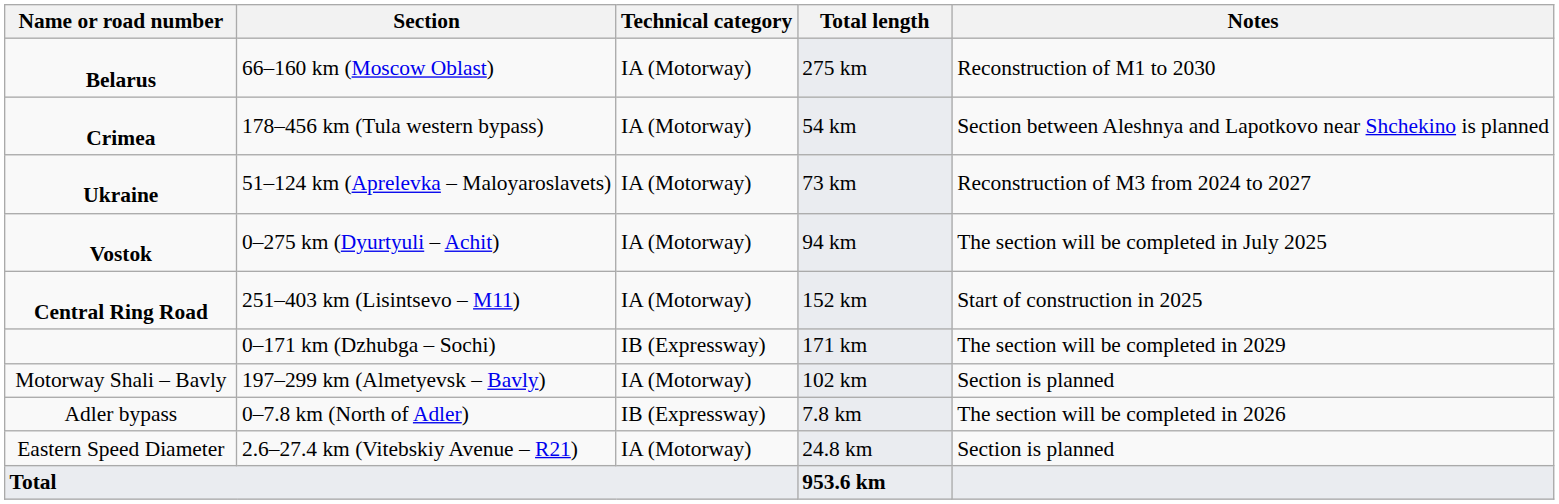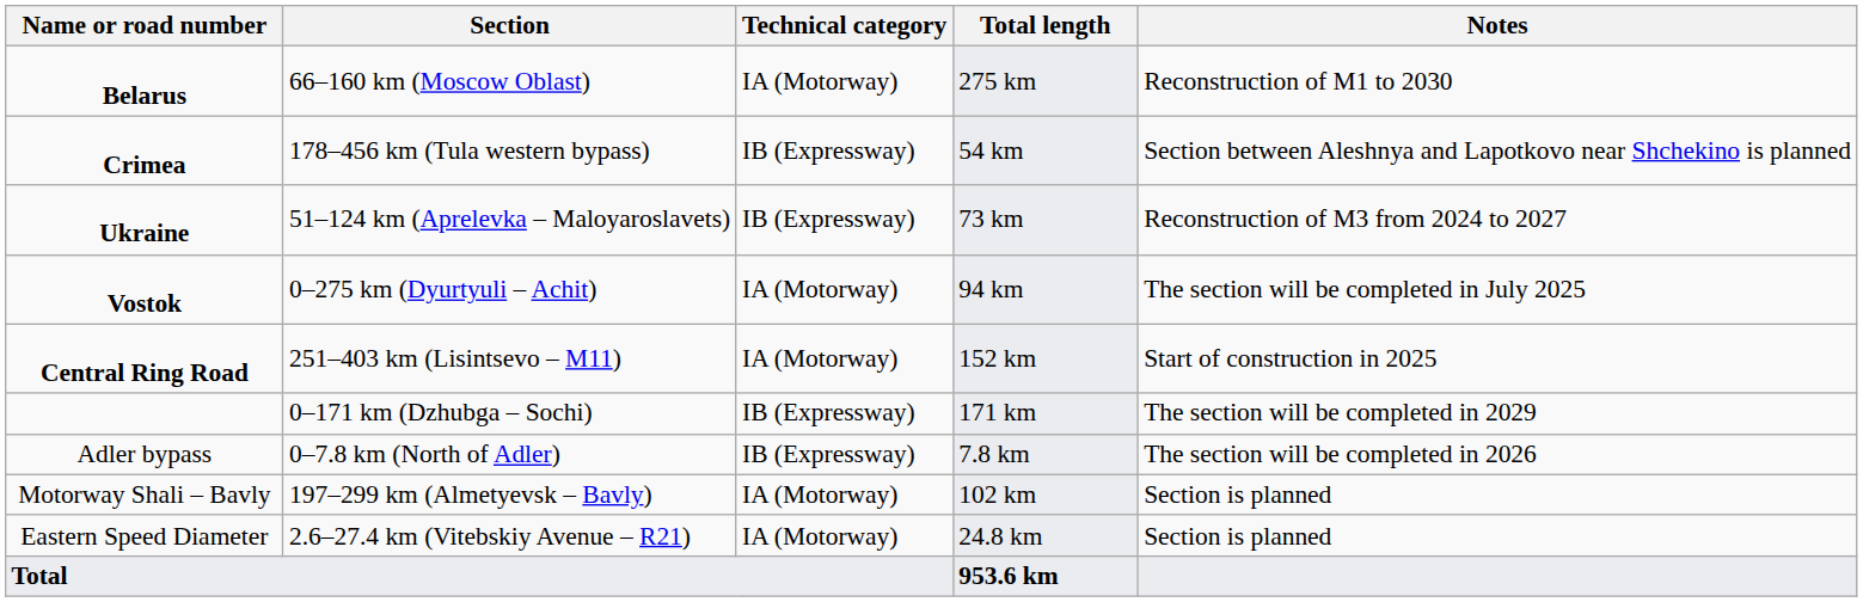 <table class="wikitable">
 <tr>
 <th style="width:15%">Name or road number</th>
 <th>Section</th>
 <th>Technical category</th>
 <th style="width:10%">Total length</th>
 <th>Notes</th>
 </tr>
 <tr>
 <td style="text-align:center"><br><strong>Belarus</strong></td>
 <td>66–160 km (<a href='#'>Moscow Oblast</a>)</td>
 <td>IA (Motorway)</td>
 <td style="background: #eaecf0">275 km</td>
 <td>Reconstruction of M1 to 2030</td>
 </tr>
 <tr>
 <td style="text-align:center"><br><strong>Crimea</strong></td>
 <td>178–456 km (Tula western bypass)</td>
-<td>IA (Motorway)</td>
+<td>IB (Expressway)</td>
 <td style="background: #eaecf0">54 km</td>
 <td>Section between Aleshnya and Lapotkovo near <a href='#'>Shchekino</a> is planned</td>
 </tr>
 <tr>
 <td style="text-align:center"><br><strong>Ukraine</strong></td>
 <td>51–124 km (<a href='#'>Aprelevka</a> – Maloyaroslavets)</td>
-<td>IA (Motorway)</td>
+<td>IB (Expressway)</td>
 <td style="background: #eaecf0">73 km</td>
 <td>Reconstruction of M3 from 2024 to 2027</td>
 </tr>
 <tr>
 <td style="text-align:center"><br><strong>Vostok</strong></td>
 <td>0–275 km (<a href='#'>Dyurtyuli</a> – <a href='#'>Achit</a>)</td>
 <td>IA (Motorway)</td>
 <td style="background: #eaecf0">94 km</td>
 <td>The section will be completed in July 2025</td>
 </tr>
 <tr>
 <td style="text-align:center"><br><strong>Central Ring Road</strong></td>
 <td>251–403 km (Lisintsevo – <a href='#'>M11</a>)</td>
 <td>IA (Motorway)</td>
 <td style="background: #eaecf0">152 km</td>
 <td>Start of construction in 2025</td>
 </tr>
 <tr>
 <td style="text-align:center"></td>
 <td>0–171 km (Dzhubga – Sochi)</td>
 <td>IB (Expressway)</td>
 <td style="background: #eaecf0">171 km</td>
 <td>The section will be completed in 2029</td>
 </tr>
 <tr>
+<td style="text-align:center">Adler bypass</td>
+<td>0–7.8 km (North of <a href='#'>Adler</a>)</td>
+<td>IB (Expressway)</td>
+<td style="background: #eaecf0">7.8 km</td>
+<td>The section will be completed in 2026</td>
+</tr>
+<tr>
 <td style="text-align:center">Motorway Shali – Bavly</td>
 <td>197–299 km (Almetyevsk – <a href='#'>Bavly</a>)</td>
 <td>IA (Motorway)</td>
 <td style="background: #eaecf0">102 km</td>
 <td>Section is planned</td>
-</tr>
-<tr>
-<td style="text-align:center">Adler bypass</td>
-<td>0–7.8 km (North of <a href='#'>Adler</a>)</td>
-<td>IB (Expressway)</td>
-<td style="background: #eaecf0">7.8 km</td>
-<td>The section will be completed in 2026</td>
 </tr>
 <tr>
 <td style="text-align:center">Eastern Speed Diameter</td>
 <td>2.6–27.4 km (Vitebskiy Avenue – <a href='#'>R21</a>)</td>
 <td>IA (Motorway)</td>
 <td style="background: #eaecf0">24.8 km</td>
 <td>Section is planned</td>
 </tr>
 <tr>
 <td colspan="3" style="background: #eaecf0"><strong>Total</strong></td>
 <td style="background: #eaecf0"><strong>953.6 km</strong></td>
 <td style="background: #eaecf0"></td>
 </tr>
 </table>
